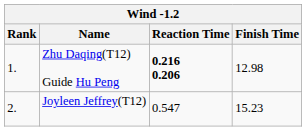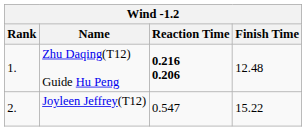 <table class="wikitable">
 <tr>
 <th colspan="4">Wind -1.2</th>
 </tr>
 <tr>
 <th>Rank</th>
 <th>Name</th>
 <th>Reaction Time</th>
 <th>Finish Time</th>
 </tr>
 <tr>
 <td>1.</td>
 <td><a href='#'>Zhu Daqing</a>(T12)<br><br>Guide <a href='#'>Hu Peng</a> </td>
 <td><strong>0.216<br>0.206</strong></td>
-<td>12.98</td>
+<td>12.48</td>
 </tr>
 <tr>
 <td>2.</td>
 <td><a href='#'>Joyleen Jeffrey</a>(T12)<br><br></td>
 <td>0.547</td>
-<td>15.23</td>
+<td>15.22</td>
 </tr>
 </table>
